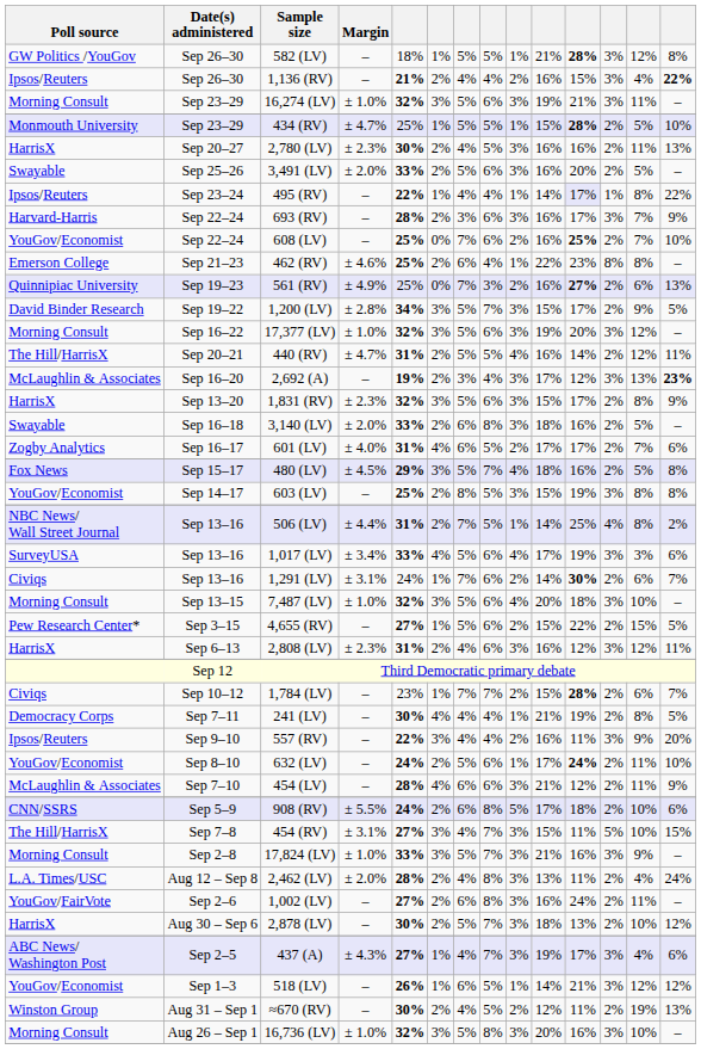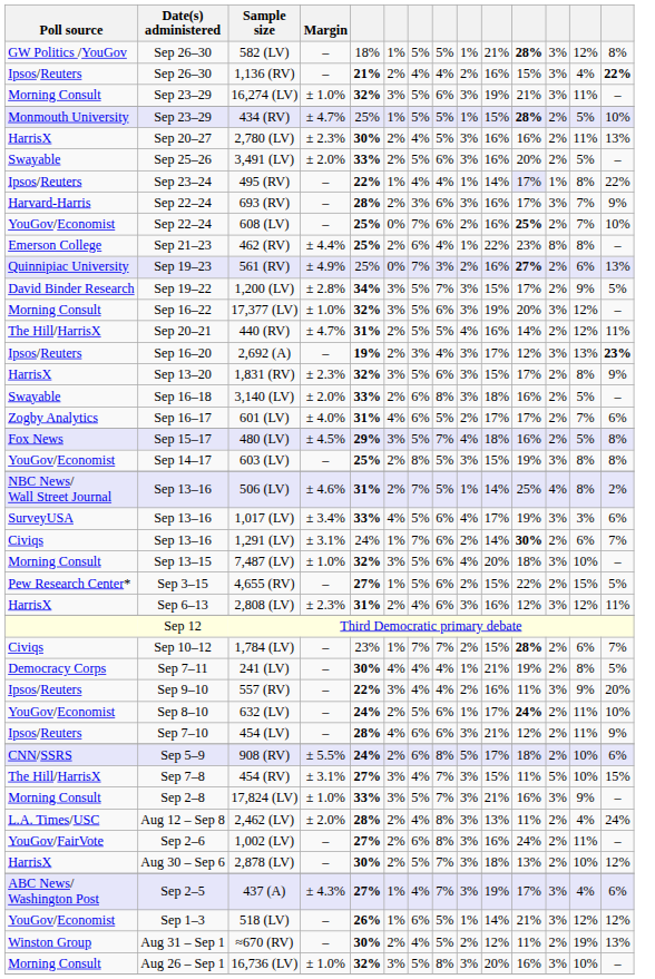 <table class="wikitable sortable" style="text-align:center;">
 <tr valign=bottom>
 <th style="background-position: right 85%;">Poll source</th>
 <th style="background-position: right 85%;">Date(s)<br>administered</th>
 <th style="background-position: right 85%;">Sample<br>size</th>
 <th style="background-position: right 85%;">Margin<br></th>
 <th></th>
 <th></th>
 <th></th>
 <th></th>
 <th></th>
 <th></th>
 <th></th>
 <th></th>
 <th></th>
 <th></th>
 </tr>
 <tr>
 <td style="text-align:left;"><a href='#'>GW Politics </a>/<a href='#'>YouGov</a></td>
 <td>Sep 26–30</td>
 <td>582 (LV)</td>
 <td>–</td>
 <td>18%</td>
 <td>1%</td>
 <td>5%</td>
 <td>5%</td>
 <td>1%</td>
 <td>21%</td>
 <td><strong>28%</strong></td>
 <td>3%</td>
 <td>12%</td>
 <td>8%</td>
 </tr>
 <tr>
 <td style="text-align:left;"><a href='#'>Ipsos</a>/<a href='#'>Reuters</a></td>
 <td>Sep 26–30</td>
 <td>1,136 (RV)</td>
 <td>–</td>
 <td><strong>21%</strong></td>
 <td>2%</td>
 <td>4%</td>
 <td>4%</td>
 <td>2%</td>
 <td>16%</td>
 <td>15%</td>
 <td>3%</td>
 <td>4%</td>
 <td><strong>22%</strong></td>
 </tr>
 <tr>
 <td style="text-align:left;"><a href='#'>Morning Consult</a></td>
 <td>Sep 23–29</td>
 <td>16,274 (LV)</td>
 <td>± 1.0%</td>
 <td><strong>32%</strong></td>
 <td>3%</td>
 <td>5%</td>
 <td>6%</td>
 <td>3%</td>
 <td>19%</td>
 <td>21%</td>
 <td>3%</td>
 <td>11%</td>
 <td>–</td>
 </tr>
 <tr>
 </tr>
 <tr bgcolor=lavender>
 <td style="text-align:left;"><a href='#'>Monmouth University</a></td>
 <td>Sep 23–29</td>
 <td>434 (RV)</td>
 <td>± 4.7%</td>
 <td>25%</td>
 <td>1%</td>
 <td>5%</td>
 <td>5%</td>
 <td>1%</td>
 <td>15%</td>
 <td><strong>28%</strong></td>
 <td>2%</td>
 <td>5%</td>
 <td>10%</td>
 </tr>
 <tr>
 <td style="text-align:left;"><a href='#'>HarrisX</a></td>
 <td>Sep 20–27</td>
 <td>2,780 (LV)</td>
 <td>± 2.3%</td>
 <td><strong>30%</strong></td>
 <td>2%</td>
 <td>4%</td>
 <td>5%</td>
 <td>3%</td>
 <td>16%</td>
 <td>16%</td>
 <td>2%</td>
 <td>11%</td>
 <td>13%</td>
 </tr>
 <tr>
 <td style="text-align:left;"><a href='#'>Swayable</a></td>
 <td>Sep 25–26</td>
 <td>3,491 (LV)</td>
 <td>± 2.0%</td>
 <td><strong>33%</strong></td>
 <td>2%</td>
 <td>5%</td>
 <td>6%</td>
 <td>3%</td>
 <td>16%</td>
 <td>20%</td>
 <td>2%</td>
 <td>5%</td>
 <td>–</td>
 </tr>
 <tr>
 <td style="text-align:left;"><a href='#'>Ipsos</a>/<a href='#'>Reuters</a></td>
 <td>Sep 23–24</td>
 <td>495 (RV)</td>
 <td>–</td>
 <td><strong>22%</strong></td>
 <td>1%</td>
 <td>4%</td>
 <td>4%</td>
 <td>1%</td>
 <td>14%</td>
 <td style="background: lavender;">17%</td>
 <td>1%</td>
 <td>8%</td>
 <td>22%</td>
 </tr>
 <tr>
 <td style="text-align:left;"><a href='#'>Harvard-Harris</a></td>
 <td>Sep 22–24</td>
 <td>693 (RV)</td>
 <td>–</td>
 <td><strong>28%</strong></td>
 <td>2%</td>
 <td>3%</td>
 <td>6%</td>
 <td>3%</td>
 <td>16%</td>
 <td>17%</td>
 <td>3%</td>
 <td>7%</td>
 <td>9%</td>
 </tr>
 <tr>
 <td style="text-align:left;"><a href='#'>YouGov</a>/<a href='#'>Economist</a></td>
 <td>Sep 22–24</td>
 <td>608 (LV)</td>
 <td>–</td>
 <td><strong>25%</strong></td>
 <td>0%</td>
 <td>7%</td>
 <td>6%</td>
 <td>2%</td>
 <td>16%</td>
 <td><strong>25%</strong></td>
 <td>2%</td>
 <td>7%</td>
 <td>10%</td>
 </tr>
 <tr>
 <td style="text-align:left;"><a href='#'>Emerson College</a></td>
 <td>Sep 21–23</td>
 <td>462 (RV)</td>
-<td>± 4.6%</td>
+<td>± 4.4%</td>
 <td><strong>25%</strong></td>
 <td>2%</td>
 <td>6%</td>
 <td>4%</td>
 <td>1%</td>
 <td>22%</td>
 <td>23%</td>
 <td>8%</td>
 <td>8%</td>
 <td>–</td>
 </tr>
 <tr bgcolor=lavender>
 <td style="text-align:left;"><a href='#'>Quinnipiac University</a></td>
 <td>Sep 19–23</td>
 <td>561 (RV)</td>
 <td>± 4.9%</td>
 <td>25%</td>
 <td>0%</td>
 <td>7%</td>
 <td>3%</td>
 <td>2%</td>
 <td>16%</td>
 <td><strong>27%</strong></td>
 <td>2%</td>
 <td>6%</td>
 <td>13%</td>
 </tr>
 <tr>
 <td style="text-align:left;"><a href='#'>David Binder Research</a></td>
 <td>Sep 19–22</td>
 <td>1,200 (LV)</td>
 <td>± 2.8%</td>
 <td><strong>34%</strong></td>
 <td>3%</td>
 <td>5%</td>
 <td>7%</td>
 <td>3%</td>
 <td>15%</td>
 <td>17%</td>
 <td>2%</td>
 <td>9%</td>
 <td>5%</td>
 </tr>
 <tr>
 <td style="text-align:left;"><a href='#'>Morning Consult</a></td>
 <td>Sep 16–22</td>
 <td>17,377 (LV)</td>
 <td>± 1.0%</td>
 <td><strong>32%</strong></td>
 <td>3%</td>
 <td>5%</td>
 <td>6%</td>
 <td>3%</td>
 <td>19%</td>
 <td>20%</td>
 <td>3%</td>
 <td>12%</td>
 <td>–</td>
 </tr>
 <tr>
 <td style="text-align:left;"><a href='#'>The Hill</a>/<a href='#'>HarrisX</a></td>
 <td>Sep 20–21</td>
 <td>440 (RV)</td>
 <td>± 4.7%</td>
 <td><strong>31%</strong></td>
 <td>2%</td>
 <td>5%</td>
 <td>5%</td>
 <td>4%</td>
 <td>16%</td>
 <td>14%</td>
 <td>2%</td>
 <td>12%</td>
 <td>11%</td>
 </tr>
 <tr>
-<td style="text-align:left;"><a href='#'>McLaughlin&nbsp;&&nbsp;Associates</a></td>
+<td style="text-align:left;"><a href='#'>Ipsos</a>/<a href='#'>Reuters</a></td>
 <td>Sep 16–20</td>
 <td>2,692 (A)</td>
 <td>–</td>
 <td><strong>19%</strong></td>
 <td>2%</td>
 <td>3%</td>
 <td>4%</td>
 <td>3%</td>
 <td>17%</td>
 <td>12%</td>
 <td>3%</td>
 <td>13%</td>
 <td><strong>23%</strong></td>
 </tr>
 <tr>
 <td style="text-align:left;"><a href='#'>HarrisX</a></td>
 <td>Sep 13–20</td>
 <td>1,831 (RV)</td>
 <td>± 2.3%</td>
 <td><strong>32%</strong></td>
 <td>3%</td>
 <td>5%</td>
 <td>6%</td>
 <td>3%</td>
 <td>15%</td>
 <td>17%</td>
 <td>2%</td>
 <td>8%</td>
 <td>9%</td>
 </tr>
 <tr>
 <td style="text-align:left;"><a href='#'>Swayable</a></td>
 <td>Sep 16–18</td>
 <td>3,140 (LV)</td>
 <td>± 2.0%</td>
 <td><strong>33%</strong></td>
 <td>2%</td>
 <td>6%</td>
 <td>8%</td>
 <td>3%</td>
 <td>18%</td>
 <td>16%</td>
 <td>2%</td>
 <td>5%</td>
 <td>–</td>
 </tr>
 <tr>
 <td style="text-align:left;"><a href='#'>Zogby Analytics</a></td>
 <td>Sep 16–17</td>
 <td>601 (LV)</td>
 <td>± 4.0%</td>
 <td><strong>31%</strong></td>
 <td>4%</td>
 <td>6%</td>
 <td>5%</td>
 <td>2%</td>
 <td>17%</td>
 <td>17%</td>
 <td>2%</td>
 <td>7%</td>
 <td>6%</td>
 </tr>
 <tr>
 </tr>
 <tr bgcolor=lavender>
 <td style="text-align:left;"><a href='#'>Fox News</a></td>
 <td>Sep 15–17</td>
 <td>480 (LV)</td>
 <td>± 4.5%</td>
 <td><strong>29%</strong></td>
 <td>3%</td>
 <td>5%</td>
 <td>7%</td>
 <td>4%</td>
 <td>18%</td>
 <td>16%</td>
 <td>2%</td>
 <td>5%</td>
 <td>8%</td>
 </tr>
 <tr>
 <td style="text-align:left;"><a href='#'>YouGov</a>/<a href='#'>Economist</a></td>
 <td>Sep 14–17</td>
 <td>603 (LV)</td>
 <td>–</td>
 <td><strong>25%</strong></td>
 <td>2%</td>
 <td>8%</td>
 <td>5%</td>
 <td>3%</td>
 <td>15%</td>
 <td>19%</td>
 <td>3%</td>
 <td>8%</td>
 <td>8%</td>
 </tr>
 <tr>
 </tr>
 <tr bgcolor=lavender>
 <td style="text-align:left;"><a href='#'>NBC News</a>/<br><a href='#'>Wall Street Journal</a></td>
 <td>Sep 13–16</td>
 <td>506 (LV)</td>
-<td>± 4.4%</td>
+<td>± 4.6%</td>
 <td><strong>31%</strong></td>
 <td>2%</td>
 <td>7%</td>
 <td>5%</td>
 <td>1%</td>
 <td>14%</td>
 <td>25%</td>
 <td>4%</td>
 <td>8%</td>
 <td>2%</td>
 </tr>
 <tr>
 <td style="text-align:left;"><a href='#'>SurveyUSA</a></td>
 <td>Sep 13–16</td>
 <td>1,017 (LV)</td>
 <td>± 3.4%</td>
 <td><strong>33%</strong></td>
 <td>4%</td>
 <td>5%</td>
 <td>6%</td>
 <td>4%</td>
 <td>17%</td>
 <td>19%</td>
 <td>3%</td>
 <td>3%</td>
 <td>6%</td>
 </tr>
 <tr>
 <td style="text-align:left;"><a href='#'>Civiqs</a></td>
 <td>Sep 13–16</td>
 <td>1,291 (LV)</td>
 <td>± 3.1%</td>
 <td>24%</td>
 <td>1%</td>
 <td>7%</td>
 <td>6%</td>
 <td>2%</td>
 <td>14%</td>
 <td><strong>30%</strong></td>
 <td>2%</td>
 <td>6%</td>
 <td>7%</td>
 </tr>
 <tr>
 <td style="text-align:left;"><a href='#'>Morning Consult</a></td>
 <td>Sep 13–15</td>
 <td>7,487 (LV)</td>
 <td>± 1.0%</td>
 <td><strong>32%</strong></td>
 <td>3%</td>
 <td>5%</td>
 <td>6%</td>
 <td>4%</td>
 <td>20%</td>
 <td>18%</td>
 <td>3%</td>
 <td>10%</td>
 <td>–</td>
 </tr>
 <tr>
 <td style="text-align:left;"><a href='#'>Pew Research Center</a>*</td>
 <td>Sep 3–15</td>
 <td>4,655 (RV)</td>
 <td>–</td>
 <td><strong>27%</strong></td>
 <td>1%</td>
 <td>5%</td>
 <td>6%</td>
 <td>2%</td>
 <td>15%</td>
 <td>22%</td>
 <td>2%</td>
 <td>15%</td>
 <td>5%</td>
 </tr>
 <tr>
 <td style="text-align:left;"><a href='#'>HarrisX</a></td>
 <td>Sep 6–13</td>
 <td>2,808 (LV)</td>
 <td>± 2.3%</td>
 <td><strong>31%</strong></td>
 <td>2%</td>
 <td>4%</td>
 <td>6%</td>
 <td>3%</td>
 <td>16%</td>
 <td>12%</td>
 <td>3%</td>
 <td>12%</td>
 <td>11%</td>
 </tr>
 <tr>
 </tr>
 <tr style="background:lightyellow;">
 <td style="border-right-style:hidden;"></td>
 <td style="border-right-style:hidden;">Sep 12</td>
 <td colspan=14><a href='#'>Third Democratic primary debate</a></td>
 </tr>
 <tr>
 <td style="text-align:left;"><a href='#'>Civiqs</a></td>
 <td>Sep 10–12</td>
 <td>1,784 (LV)</td>
 <td>–</td>
 <td>23%</td>
 <td>1%</td>
 <td>7%</td>
 <td>7%</td>
 <td>2%</td>
 <td>15%</td>
 <td><strong>28%</strong></td>
 <td>2%</td>
 <td>6%</td>
 <td>7%</td>
 </tr>
 <tr>
 <td style="text-align:left;"><a href='#'>Democracy Corps</a></td>
 <td>Sep 7–11</td>
 <td>241 (LV)</td>
 <td>–</td>
 <td><strong>30%</strong></td>
 <td>4%</td>
 <td>4%</td>
 <td>4%</td>
 <td>1%</td>
 <td>21%</td>
 <td>19%</td>
 <td>2%</td>
 <td>8%</td>
 <td>5%</td>
 </tr>
 <tr>
 <td style="text-align:left;"><a href='#'>Ipsos</a>/<a href='#'>Reuters</a></td>
 <td>Sep 9–10</td>
 <td>557 (RV)</td>
 <td>–</td>
 <td><strong>22%</strong></td>
 <td>3%</td>
 <td>4%</td>
 <td>4%</td>
 <td>2%</td>
 <td>16%</td>
 <td>11%</td>
 <td>3%</td>
 <td>9%</td>
 <td>20%</td>
 </tr>
 <tr>
 <td style="text-align:left;"><a href='#'>YouGov</a>/<a href='#'>Economist</a></td>
 <td>Sep 8–10</td>
 <td>632 (LV)</td>
 <td>–</td>
 <td><strong>24%</strong></td>
 <td>2%</td>
 <td>5%</td>
 <td>6%</td>
 <td>1%</td>
 <td>17%</td>
 <td><strong>24%</strong></td>
 <td>2%</td>
 <td>11%</td>
 <td>10%</td>
 </tr>
 <tr>
-<td style="text-align:left;"><a href='#'>McLaughlin&nbsp;&&nbsp;Associates</a></td>
+<td style="text-align:left;"><a href='#'>Ipsos</a>/<a href='#'>Reuters</a></td>
 <td>Sep 7–10</td>
 <td>454 (LV)</td>
 <td>–</td>
 <td><strong>28%</strong></td>
 <td>4%</td>
 <td>6%</td>
 <td>6%</td>
 <td>3%</td>
 <td>21%</td>
 <td>12%</td>
 <td>2%</td>
 <td>11%</td>
 <td>9%</td>
 </tr>
 <tr>
 </tr>
 <tr>
 </tr>
 <tr bgcolor=lavender>
 <td style="text-align:left;"><a href='#'>CNN</a>/<a href='#'>SSRS</a></td>
 <td>Sep 5–9</td>
 <td>908 (RV)</td>
 <td>± 5.5%</td>
 <td><strong>24%</strong></td>
 <td>2%</td>
 <td>6%</td>
 <td>8%</td>
 <td>5%</td>
 <td>17%</td>
 <td>18%</td>
 <td>2%</td>
 <td>10%</td>
 <td>6%</td>
 </tr>
 <tr>
 <td style="text-align:left;"><a href='#'>The Hill</a>/<a href='#'>HarrisX </a></td>
 <td>Sep 7–8</td>
 <td>454 (RV)</td>
 <td>± 3.1%</td>
 <td><strong>27%</strong></td>
 <td>3%</td>
 <td>4%</td>
 <td>7%</td>
 <td>3%</td>
 <td>15%</td>
 <td>11%</td>
 <td>5%</td>
 <td>10%</td>
 <td>15%</td>
 </tr>
 <tr>
 <td style="text-align:left;"><a href='#'>Morning Consult</a></td>
 <td>Sep 2–8</td>
 <td>17,824 (LV)</td>
 <td>± 1.0%</td>
 <td><strong>33%</strong></td>
 <td>3%</td>
 <td>5%</td>
 <td>7%</td>
 <td>3%</td>
 <td>21%</td>
 <td>16%</td>
 <td>3%</td>
 <td>9%</td>
 <td>–</td>
 </tr>
 <tr>
 <td style="text-align:left;"><a href='#'>L.A. Times</a>/<a href='#'>USC</a></td>
 <td>Aug 12 – Sep 8</td>
 <td>2,462 (LV)</td>
 <td>± 2.0%</td>
 <td><strong>28%</strong></td>
 <td>2%</td>
 <td>4%</td>
 <td>8%</td>
 <td>3%</td>
 <td>13%</td>
 <td>11%</td>
 <td>2%</td>
 <td>4%</td>
 <td>24%</td>
 </tr>
 <tr>
 <td style="text-align:left;"><a href='#'>YouGov</a>/<a href='#'>FairVote</a> </td>
 <td>Sep 2–6</td>
 <td>1,002 (LV)</td>
 <td>–</td>
 <td><strong>27%</strong></td>
 <td>2%</td>
 <td>6%</td>
 <td>8%</td>
 <td>3%</td>
 <td>16%</td>
 <td>24%</td>
 <td>2%</td>
 <td>11%</td>
 <td>–</td>
 </tr>
 <tr>
 <td style="text-align:left;"><a href='#'>HarrisX</a></td>
 <td>Aug 30 – Sep 6</td>
 <td>2,878 (LV)</td>
 <td>–</td>
 <td><strong>30%</strong></td>
 <td>2%</td>
 <td>5%</td>
 <td>7%</td>
 <td>3%</td>
 <td>18%</td>
 <td>13%</td>
 <td>2%</td>
 <td>10%</td>
 <td>12%</td>
 </tr>
 <tr>
 </tr>
 <tr bgcolor=lavender>
 <td style="text-align:left;"><a href='#'>ABC News</a>/<br><a href='#'>Washington Post</a></td>
 <td>Sep 2–5</td>
 <td>437 (A)</td>
 <td>± 4.3%</td>
 <td><strong>27%</strong></td>
 <td>1%</td>
 <td>4%</td>
 <td>7%</td>
 <td>3%</td>
 <td>19%</td>
 <td>17%</td>
 <td>3%</td>
 <td>4%</td>
 <td>6%</td>
 </tr>
 <tr>
 <td style="text-align:left;"><a href='#'>YouGov</a>/<a href='#'>Economist</a></td>
 <td>Sep 1–3</td>
 <td>518 (LV)</td>
 <td>–</td>
 <td><strong>26%</strong></td>
 <td>1%</td>
 <td>6%</td>
 <td>5%</td>
 <td>1%</td>
 <td>14%</td>
 <td>21%</td>
 <td>3%</td>
 <td>12%</td>
 <td>12%</td>
 </tr>
 <tr>
 <td style="text-align:left;"><a href='#'>Winston Group</a></td>
 <td>Aug 31 – Sep 1</td>
 <td>≈670 (RV)</td>
 <td>–</td>
 <td><strong>30%</strong></td>
 <td>2%</td>
 <td>4%</td>
 <td>5%</td>
 <td>2%</td>
 <td>12%</td>
 <td>11%</td>
 <td>2%</td>
 <td>19%</td>
 <td>13%</td>
 </tr>
 <tr>
 <td style="text-align:left;"><a href='#'>Morning Consult</a></td>
 <td>Aug 26 – Sep 1</td>
 <td>16,736 (LV)</td>
 <td>± 1.0%</td>
 <td><strong>32%</strong></td>
 <td>3%</td>
 <td>5%</td>
 <td>8%</td>
 <td>3%</td>
 <td>20%</td>
 <td>16%</td>
 <td>3%</td>
 <td>10%</td>
 <td>–</td>
 </tr>
 <tr>
 </tr>
 </table>
